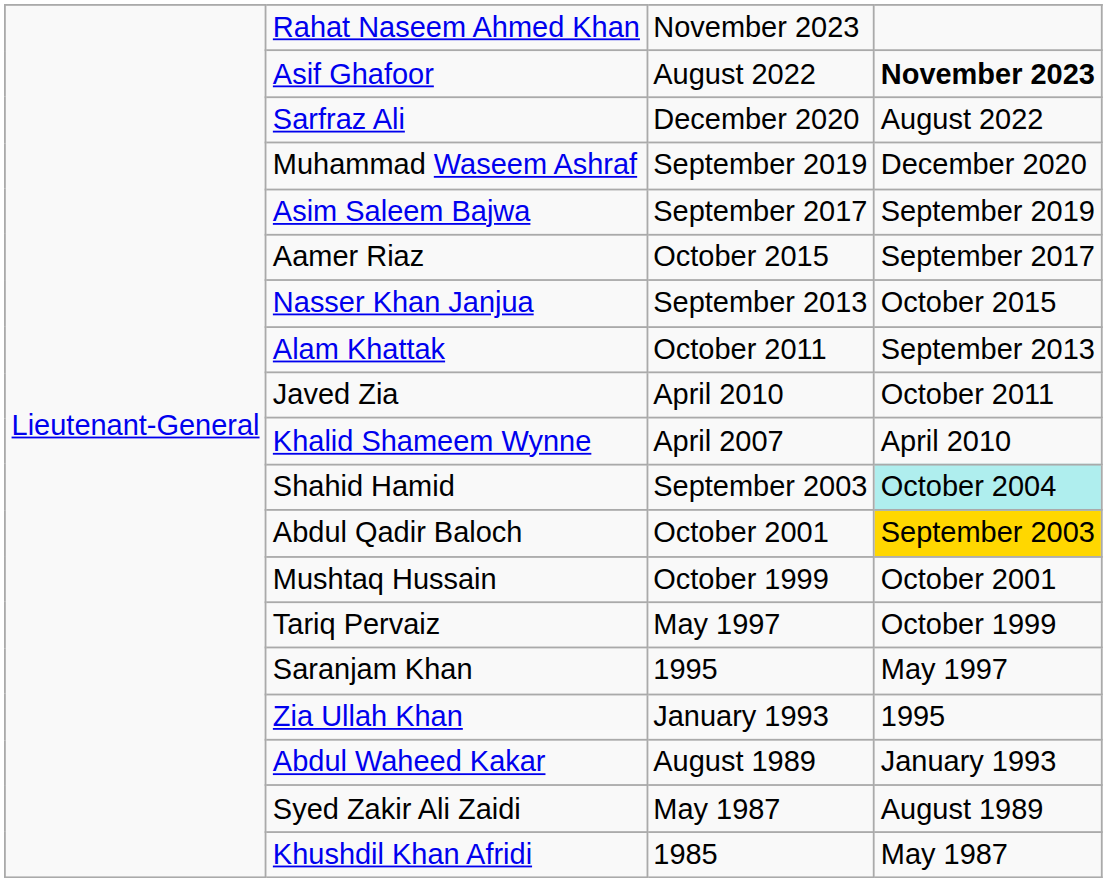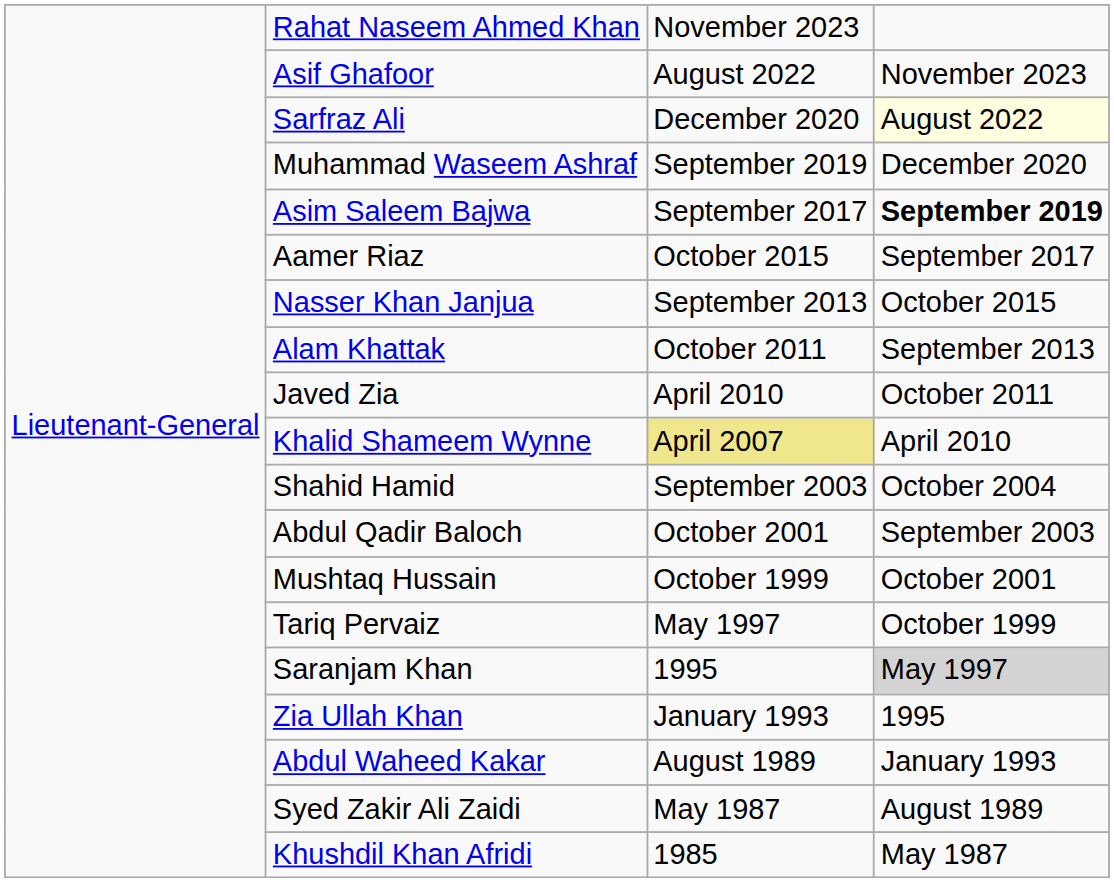 <table class="wikitable">
 <tr>
 <td rowspan="19"><a href='#'>Lieutenant-General</a> <br>  <br></td>
 <td><a href='#'>Rahat Naseem Ahmed Khan</a></td>
 <td>November 2023</td>
 <td></td>
 </tr>
 <tr>
 <td><a href='#'>Asif Ghafoor</a></td>
 <td>August 2022</td>
-<td><strong>November 2023</strong></td>
+<td>November 2023</td>
 </tr>
 <tr>
 <td><a href='#'>Sarfraz Ali</a></td>
 <td>December 2020</td>
-<td>August 2022</td>
+<td style="background: lightyellow;">August 2022</td>
 </tr>
 <tr>
 <td>Muhammad <a href='#'>Waseem Ashraf</a></td>
 <td>September 2019</td>
 <td>December 2020</td>
 </tr>
 <tr>
 <td><a href='#'>Asim Saleem Bajwa</a></td>
 <td>September 2017</td>
-<td>September 2019</td>
+<td><strong>September 2019</strong></td>
 </tr>
 <tr>
 <td>Aamer Riaz</td>
 <td>October 2015</td>
 <td>September 2017</td>
 </tr>
 <tr>
 <td><a href='#'>Nasser Khan Janjua</a></td>
 <td>September 2013</td>
 <td>October 2015</td>
 </tr>
 <tr>
 <td><a href='#'>Alam Khattak</a></td>
 <td>October 2011</td>
 <td>September 2013</td>
 </tr>
 <tr>
 <td>Javed Zia</td>
 <td>April 2010</td>
 <td>October 2011</td>
 </tr>
 <tr>
 <td><a href='#'>Khalid Shameem Wynne</a></td>
-<td>April 2007</td>
+<td style="background: khaki;">April 2007</td>
 <td>April 2010</td>
 </tr>
 <tr>
 <td>Shahid Hamid</td>
 <td>September 2003</td>
-<td style="background: paleturquoise;">October 2004</td>
+<td>October 2004</td>
 </tr>
 <tr>
 <td>Abdul Qadir Baloch</td>
 <td>October 2001</td>
-<td style="background: gold;">September 2003</td>
+<td>September 2003</td>
 </tr>
 <tr>
 <td>Mushtaq Hussain</td>
 <td>October 1999</td>
 <td>October 2001</td>
 </tr>
 <tr>
 <td>Tariq Pervaiz</td>
 <td>May 1997</td>
 <td>October 1999</td>
 </tr>
 <tr>
 <td>Saranjam Khan</td>
 <td>1995</td>
-<td>May 1997</td>
+<td style="background: lightgrey;">May 1997</td>
 </tr>
 <tr>
 <td><a href='#'>Zia Ullah Khan</a></td>
 <td>January 1993</td>
 <td>1995</td>
 </tr>
 <tr>
 <td><a href='#'>Abdul Waheed Kakar</a></td>
 <td>August 1989</td>
 <td>January 1993</td>
 </tr>
 <tr>
 <td>Syed Zakir Ali Zaidi</td>
 <td>May 1987</td>
 <td>August 1989</td>
 </tr>
 <tr>
 <td><a href='#'>Khushdil Khan Afridi</a></td>
 <td>1985</td>
 <td>May 1987</td>
 </tr>
 </table>
